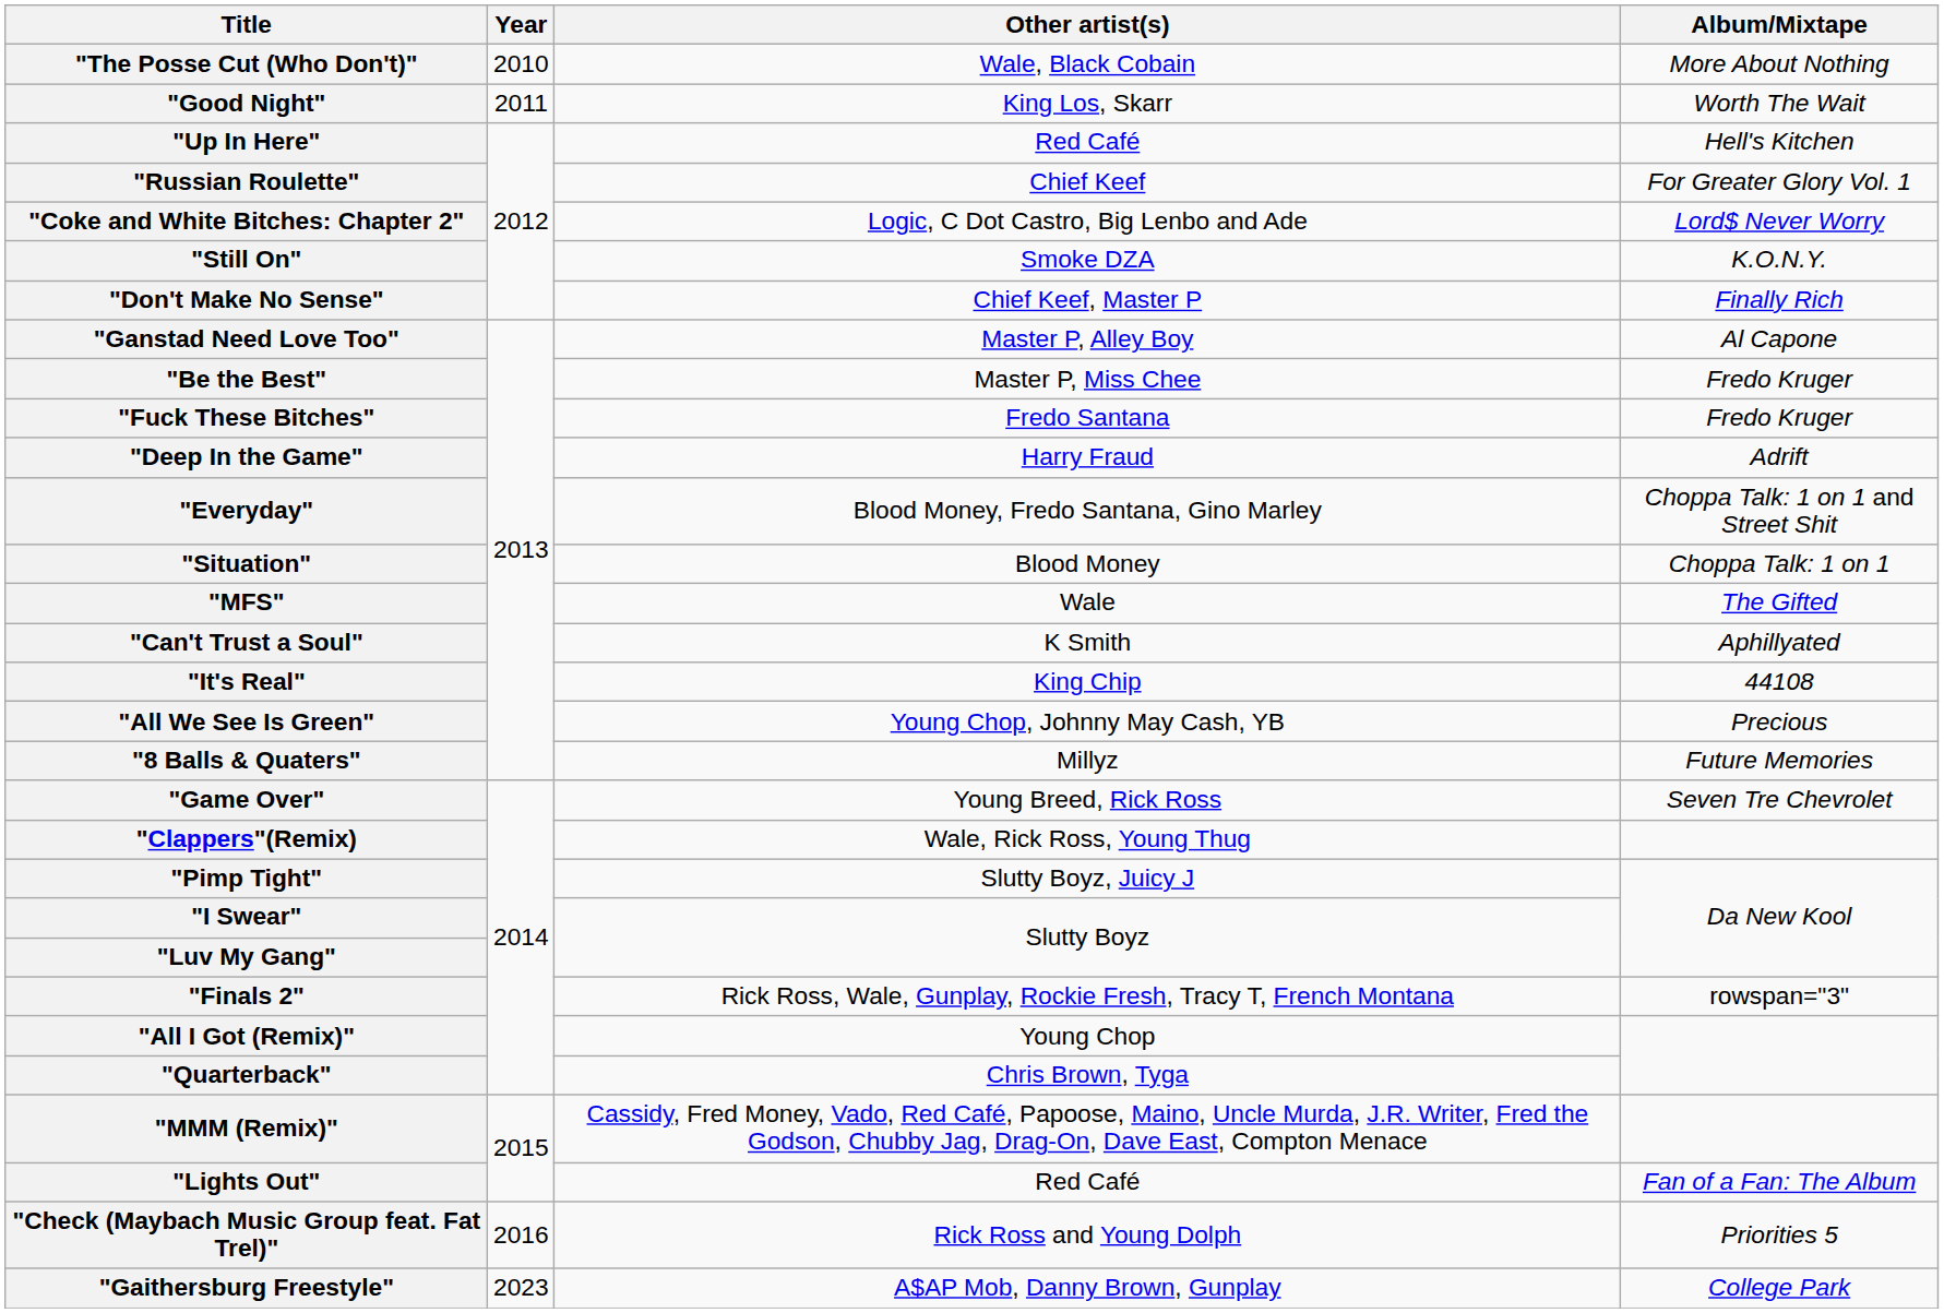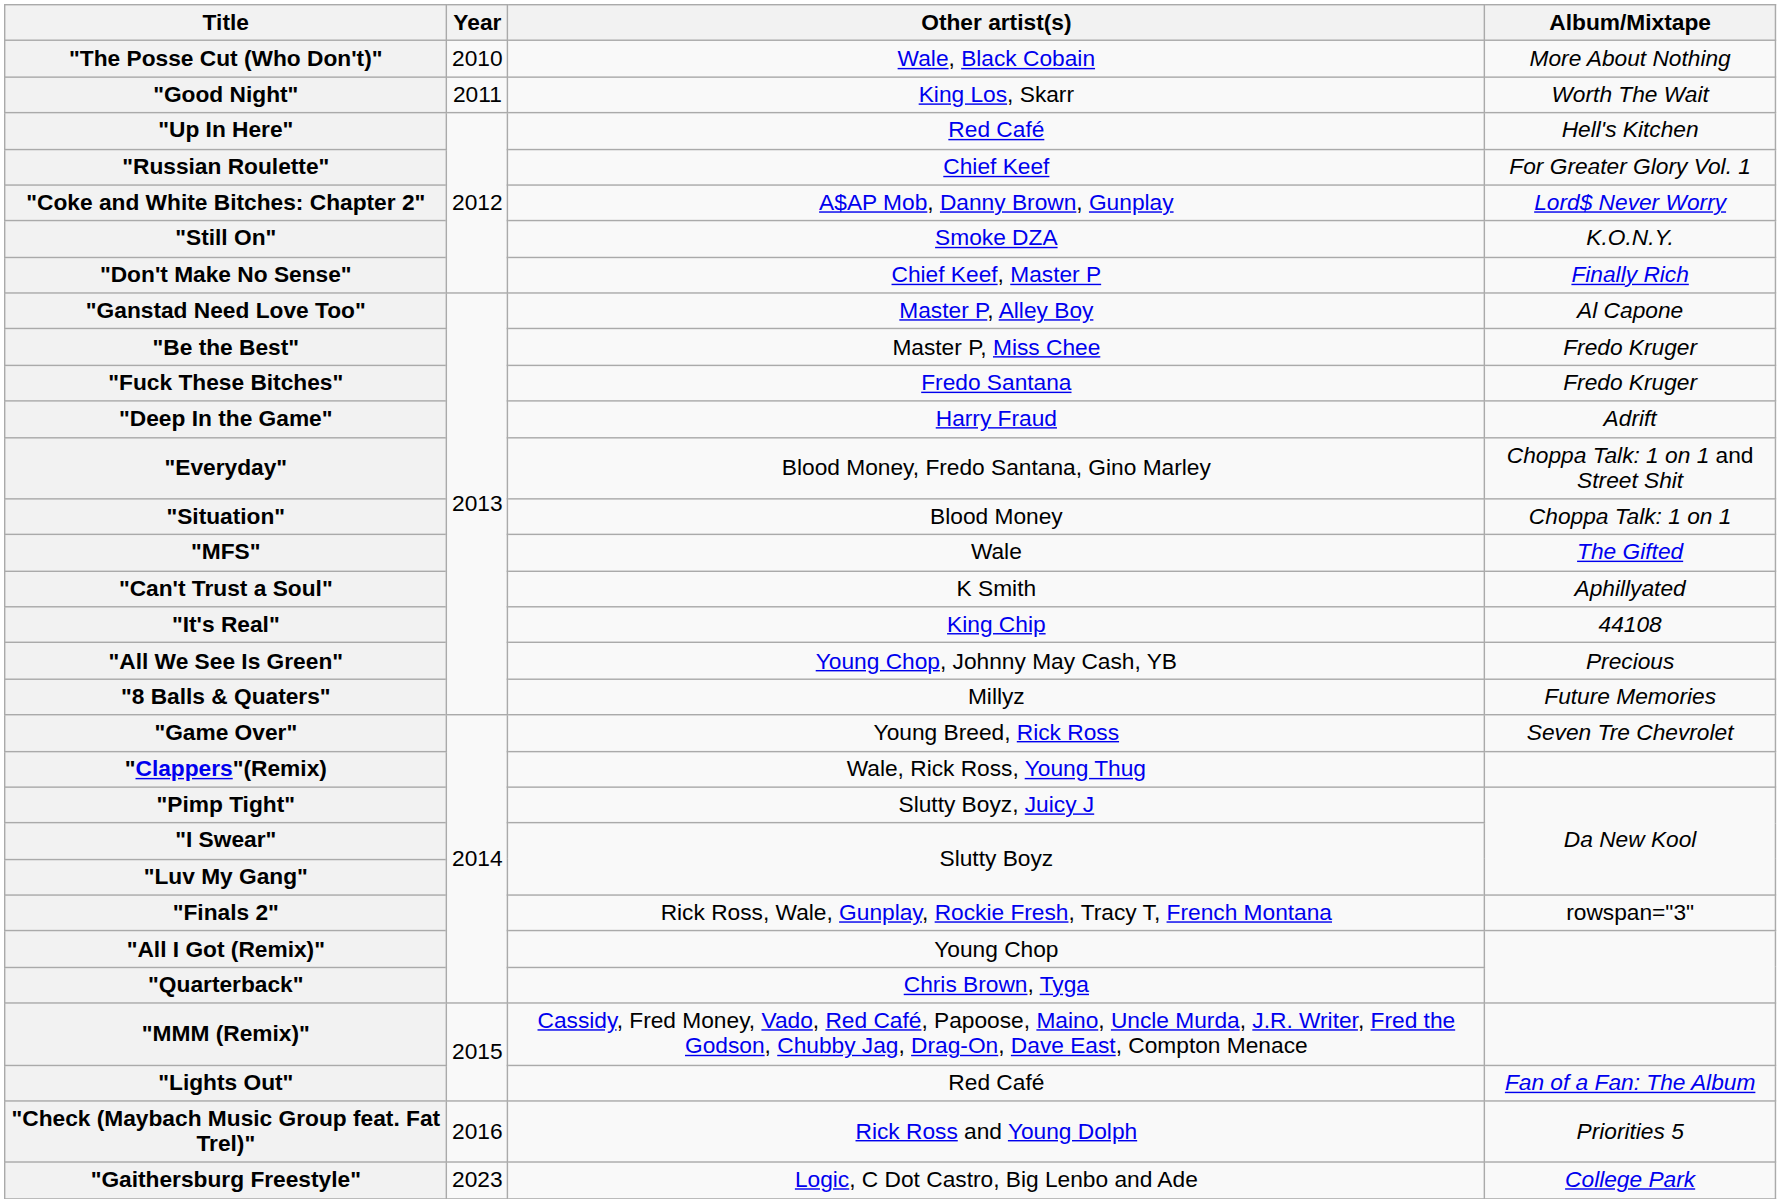 <table class="wikitable plainrowheaders" style="text-align:center;">
 <tr>
 <th scope="col" style="width:19em;">Title</th>
 <th scope="col">Year</th>
 <th scope="col">Other artist(s)</th>
 <th scope="col">Album/Mixtape</th>
 </tr>
 <tr>
 <th scope="row">"The Posse Cut (Who Don't)"</th>
 <td>2010</td>
 <td><a href='#'>Wale</a>, <a href='#'>Black Cobain</a></td>
 <td><em>More About Nothing</em></td>
 </tr>
 <tr>
 <th scope="row">"Good Night"</th>
 <td>2011</td>
 <td><a href='#'>King Los</a>, Skarr</td>
 <td><em>Worth The Wait</em></td>
 </tr>
 <tr>
 <th scope="row">"Up In Here"</th>
 <td rowspan="5">2012</td>
 <td><a href='#'>Red Café</a></td>
 <td><em>Hell's Kitchen</em></td>
 </tr>
 <tr>
 <th scope="row">"Russian Roulette"</th>
 <td><a href='#'>Chief Keef</a></td>
 <td><em>For Greater Glory Vol. 1</em></td>
 </tr>
 <tr>
 <th scope="row">"Coke and White Bitches: Chapter 2"</th>
-<td><a href='#'>Logic</a>, C Dot Castro, Big Lenbo and Ade</td>
+<td><a href='#'>A$AP Mob</a>, <a href='#'>Danny Brown</a>, <a href='#'>Gunplay</a></td>
 <td><em><a href='#'>Lord$ Never Worry</a></em></td>
 </tr>
 <tr>
 <th scope="row">"Still On"</th>
 <td><a href='#'>Smoke DZA</a></td>
 <td><em>K.O.N.Y.</em></td>
 </tr>
 <tr>
 <th scope="row">"Don't Make No Sense"</th>
 <td><a href='#'>Chief Keef</a>, <a href='#'>Master P</a></td>
 <td><em><a href='#'>Finally Rich</a></em></td>
 </tr>
 <tr>
 <th scope="row">"Ganstad Need Love Too"</th>
 <td rowspan="11">2013</td>
 <td><a href='#'>Master P</a>, <a href='#'>Alley Boy</a></td>
 <td><em>Al Capone</em></td>
 </tr>
 <tr>
 <th scope="row">"Be the Best"</th>
 <td>Master P, <a href='#'>Miss Chee</a></td>
 <td><em>Fredo Kruger</em></td>
 </tr>
 <tr>
 <th scope="row">"Fuck These Bitches"</th>
 <td><a href='#'>Fredo Santana</a></td>
 <td><em>Fredo Kruger</em></td>
 </tr>
 <tr>
 <th scope="row">"Deep In the Game"</th>
 <td><a href='#'>Harry Fraud</a></td>
 <td><em>Adrift</em></td>
 </tr>
 <tr>
 <th scope="row">"Everyday"</th>
 <td>Blood Money, Fredo Santana, Gino Marley</td>
 <td><em>Choppa Talk: 1 on 1</em> and <em>Street Shit</em></td>
 </tr>
 <tr>
 <th scope="row">"Situation"</th>
 <td>Blood Money</td>
 <td><em>Choppa Talk: 1 on 1</em></td>
 </tr>
 <tr>
 <th scope="row">"MFS"</th>
 <td>Wale</td>
 <td><em><a href='#'>The Gifted</a></em></td>
 </tr>
 <tr>
 <th scope="row">"Can't Trust a Soul"</th>
 <td>K Smith</td>
 <td><em>Aphillyated</em></td>
 </tr>
 <tr>
 <th scope="row">"It's Real"</th>
 <td><a href='#'>King Chip</a></td>
 <td><em>44108</em></td>
 </tr>
 <tr>
 <th scope="row">"All We See Is Green"</th>
 <td><a href='#'>Young Chop</a>, Johnny May Cash, YB</td>
 <td><em>Precious</em></td>
 </tr>
 <tr>
 <th scope="row">"8 Balls & Quaters"</th>
 <td>Millyz</td>
 <td><em>Future Memories</em></td>
 </tr>
 <tr>
 <th scope="row">"Game Over"</th>
 <td rowspan="8">2014</td>
 <td>Young Breed, <a href='#'>Rick Ross</a></td>
 <td><em>Seven Tre Chevrolet</em></td>
 </tr>
 <tr>
 <th scope="row">"<a href='#'>Clappers</a>"(Remix)</th>
 <td>Wale, Rick Ross, <a href='#'>Young Thug</a></td>
 <td></td>
 </tr>
 <tr>
 <th scope="row">"Pimp Tight"</th>
 <td>Slutty Boyz, <a href='#'>Juicy J</a></td>
 <td rowspan="3"><em>Da New Kool</em></td>
 </tr>
 <tr>
 <th scope="row">"I Swear"</th>
 <td rowspan="2">Slutty Boyz</td>
 </tr>
 <tr>
 <th scope="row">"Luv My Gang"</th>
 </tr>
 <tr>
 <th scope="row">"Finals 2"</th>
 <td>Rick Ross, Wale, <a href='#'>Gunplay</a>, <a href='#'>Rockie Fresh</a>, Tracy T, <a href='#'>French Montana</a></td>
 <td>rowspan="3" </td>
 </tr>
 <tr>
 <th scope="row">"All I Got (Remix)"</th>
 <td>Young Chop</td>
 </tr>
 <tr>
 <th scope="row">"Quarterback"</th>
 <td><a href='#'>Chris Brown</a>, <a href='#'>Tyga</a></td>
 </tr>
 <tr>
 <th scope="row">"MMM (Remix)"</th>
 <td rowspan="2">2015</td>
 <td><a href='#'>Cassidy</a>, Fred Money, <a href='#'>Vado</a>, <a href='#'>Red Café</a>, Papoose, <a href='#'>Maino</a>, <a href='#'>Uncle Murda</a>, <a href='#'>J.R. Writer</a>, <a href='#'>Fred the Godson</a>, <a href='#'>Chubby Jag</a>, <a href='#'>Drag-On</a>, <a href='#'>Dave East</a>, Compton Menace</td>
 <td></td>
 </tr>
 <tr>
 <th scope="row">"Lights Out"</th>
 <td>Red Café</td>
 <td><em><a href='#'>Fan of a Fan: The Album</a></em></td>
 </tr>
 <tr>
 <th scope="row">"Check (Maybach Music Group feat. Fat Trel)"</th>
 <td rowspan="1">2016</td>
 <td><a href='#'>Rick Ross</a> and <a href='#'>Young Dolph</a></td>
 <td><em>Priorities 5</em></td>
 </tr>
 <tr>
 <th scope="row">"Gaithersburg Freestyle"</th>
 <td rowspan="1">2023</td>
-<td><a href='#'>A$AP Mob</a>, <a href='#'>Danny Brown</a>, <a href='#'>Gunplay</a></td>
+<td><a href='#'>Logic</a>, C Dot Castro, Big Lenbo and Ade</td>
 <td><em><a href='#'>College Park</a></em></td>
 </tr>
 </table>
